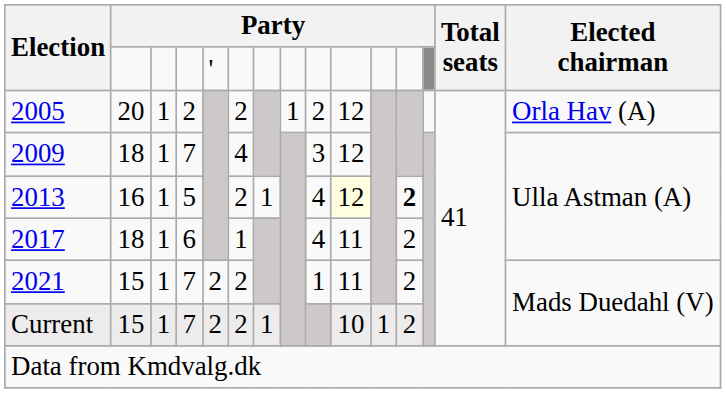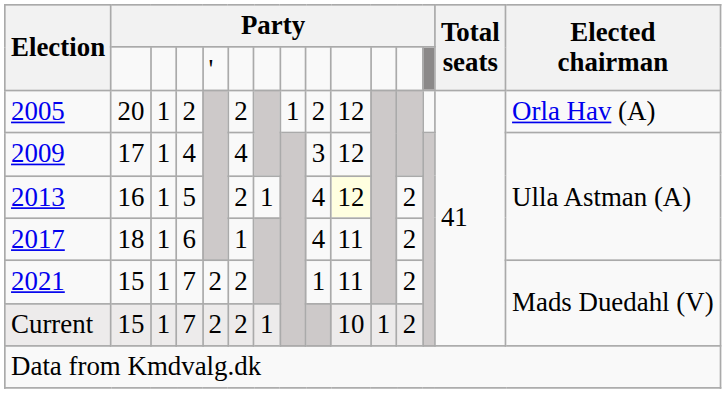 <table class="wikitable">
 <tr>
 <th rowspan="2">Election</th>
 <th colspan="12">Party</th>
 <th rowspan="2">Total<br>seats</th>
 <th rowspan="2">Elected<br>chairman</th>
 </tr>
 <tr>
 <td style="background:"><strong><a href='#'></a></strong></td>
 <td style="background:"><strong><a href='#'></a></strong></td>
 <td style="background:"><strong><a href='#'></a></strong></td>
 <td style="background:"><strong><a href='#'></a></strong>'</td>
 <td style="background:"><strong><a href='#'></a></strong></td>
 <td style="background:"><strong><a href='#'></a></strong></td>
 <td style="background:"><strong><a href='#'></a></strong></td>
 <td style="background:"><strong><a href='#'></a></strong></td>
 <td style="background:"><strong><a href='#'></a></strong></td>
 <td style="background:"><strong><a href='#'></a></strong></td>
 <td style="background:"><strong><a href='#'></a></strong></td>
 <td style="background:#8B8989;"><strong></strong></td>
 </tr>
 <tr>
 <td><a href='#'>2005</a></td>
 <td>20</td>
 <td>1</td>
 <td>2</td>
 <td style="background:#CDC9C9;" rowspan="4"></td>
 <td>2</td>
 <td style="background:#CDC9C9;" rowspan="2"></td>
 <td>1</td>
 <td>2</td>
 <td>12</td>
 <td style="background:#CDC9C9;" rowspan="5"></td>
 <td style="background:#CDC9C9;" rowspan="2"></td>
 <td></td>
 <td rowspan="6">41</td>
 <td><a href='#'>Orla Hav</a> (A)</td>
 </tr>
 <tr>
 <td><a href='#'>2009</a></td>
-<td>18</td>
+<td>17</td>
 <td>1</td>
-<td>7</td>
+<td>4</td>
 <td>4</td>
 <td style="background:#CDC9C9;" rowspan="5"></td>
 <td>3</td>
 <td>12</td>
 <td style="background:#CDC9C9;" rowspan="5"></td>
 <td rowspan="3">Ulla Astman (A)</td>
 </tr>
 <tr>
 <td><a href='#'>2013</a></td>
 <td>16</td>
 <td>1</td>
 <td>5</td>
 <td>2</td>
 <td>1</td>
 <td>4</td>
 <td style="background: lightyellow;">12</td>
-<td><strong>2</strong></td>
+<td>2</td>
 </tr>
 <tr>
 <td><a href='#'>2017</a></td>
 <td>18</td>
 <td>1</td>
 <td>6</td>
 <td>1</td>
 <td style="background:#CDC9C9;" rowspan="2"></td>
 <td>4</td>
 <td>11</td>
 <td>2</td>
 </tr>
 <tr>
 <td><a href='#'>2021</a></td>
 <td>15</td>
 <td>1</td>
 <td>7</td>
 <td>2</td>
 <td>2</td>
 <td>1</td>
 <td>11</td>
 <td>2</td>
 <td rowspan="2">Mads Duedahl (V)</td>
 </tr>
 <tr style="background:#edebeb;">
 <td>Current</td>
 <td>15</td>
 <td>1</td>
 <td>7</td>
 <td>2</td>
 <td>2</td>
 <td>1</td>
 <td style="background:#CDC9C9;"></td>
 <td>10</td>
 <td>1</td>
 <td>2</td>
 </tr>
 <tr>
 <td colspan="99">Data from Kmdvalg.dk</td>
 </tr>
 </table>
